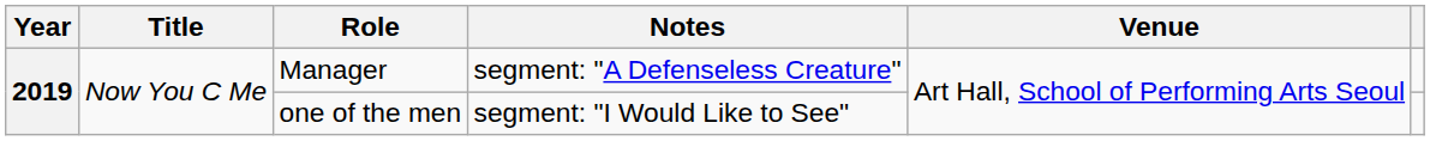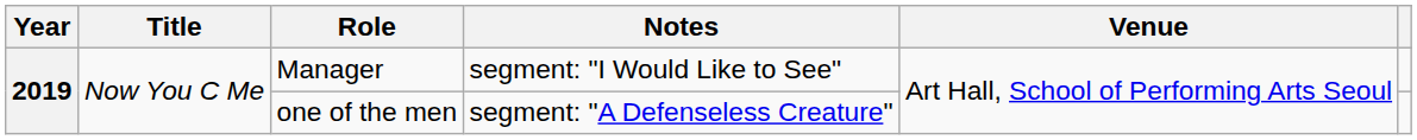 <table class="wikitable plainrowheaders">
 <tr>
 <th scope="col">Year</th>
 <th scope="col">Title</th>
 <th scope="col">Role</th>
 <th scope="col">Notes</th>
 <th scope="col">Venue</th>
 <th scope="col" class="unsortable"></th>
 </tr>
 <tr>
 <th scope="row" rowspan="2">2019</th>
 <td rowspan="2"><em>Now You C Me</em><br></td>
 <td>Manager</td>
-<td>segment: "<a href='#'>A Defenseless Creature</a>"<br></td>
+<td>segment: "I Would Like to See"<br></td>
 <td rowspan="2">Art Hall, <a href='#'>School of Performing Arts Seoul</a></td>
 <td style="text-align:center"></td>
 </tr>
 <tr>
 <td>one of the men</td>
-<td>segment: "I Would Like to See"<br></td>
+<td>segment: "<a href='#'>A Defenseless Creature</a>"<br></td>
 <td style="text-align:center"></td>
 </tr>
 </table>
